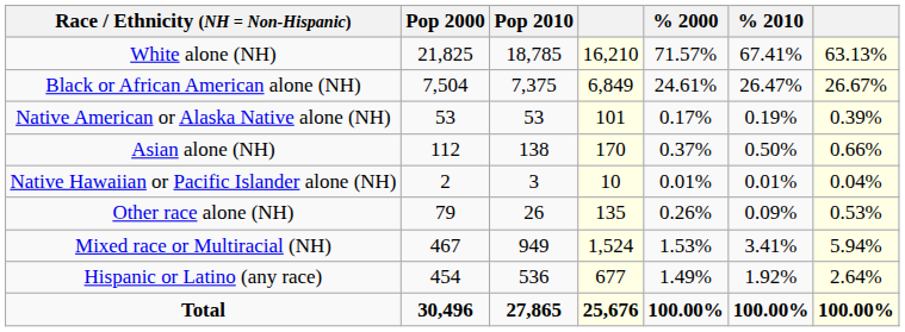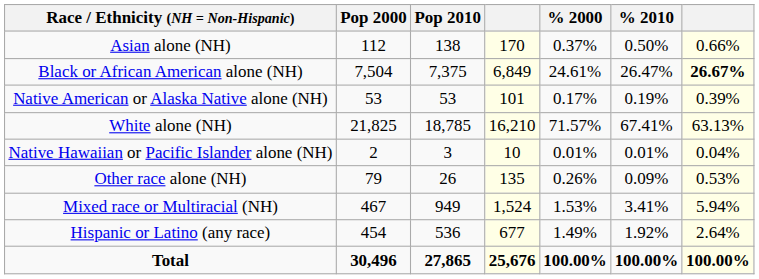 <table class="wikitable" style="text-align:center;">
 <tr>
 <th>Race / Ethnicity <small>(<em>NH = Non-Hispanic</em>)</small></th>
 <th>Pop 2000</th>
 <th>Pop 2010</th>
 <th></th>
 <th>% 2000</th>
 <th>% 2010</th>
 <th></th>
 </tr>
 <tr>
-<td><a href='#'>White</a> alone (NH)</td>
-<td>21,825</td>
-<td>18,785</td>
-<td style='background: #ffffe6;'>16,210</td>
-<td>71.57%</td>
-<td>67.41%</td>
-<td style='background: #ffffe6;'>63.13%</td>
+<td><a href='#'>Asian</a> alone (NH)</td>
+<td>112</td>
+<td>138</td>
+<td style='background: #ffffe6;'>170</td>
+<td>0.37%</td>
+<td>0.50%</td>
+<td style='background: #ffffe6;'>0.66%</td>
 </tr>
 <tr>
 <td><a href='#'>Black or African American</a> alone (NH)</td>
 <td>7,504</td>
 <td>7,375</td>
 <td style='background: #ffffe6;'>6,849</td>
 <td>24.61%</td>
 <td>26.47%</td>
-<td style='background: #ffffe6;'>26.67%</td>
+<td style='background: #ffffe6;'><strong>26.67%</strong></td>
 </tr>
 <tr>
 <td><a href='#'>Native American</a> or <a href='#'>Alaska Native</a> alone (NH)</td>
 <td>53</td>
 <td>53</td>
 <td style='background: #ffffe6;'>101</td>
 <td>0.17%</td>
 <td>0.19%</td>
 <td style='background: #ffffe6;'>0.39%</td>
 </tr>
 <tr>
-<td><a href='#'>Asian</a> alone (NH)</td>
-<td>112</td>
-<td>138</td>
-<td style='background: #ffffe6;'>170</td>
-<td>0.37%</td>
-<td>0.50%</td>
-<td style='background: #ffffe6;'>0.66%</td>
+<td><a href='#'>White</a> alone (NH)</td>
+<td>21,825</td>
+<td>18,785</td>
+<td style='background: #ffffe6;'>16,210</td>
+<td>71.57%</td>
+<td>67.41%</td>
+<td style='background: #ffffe6;'>63.13%</td>
 </tr>
 <tr>
 <td><a href='#'>Native Hawaiian</a> or <a href='#'>Pacific Islander</a> alone (NH)</td>
 <td>2</td>
 <td>3</td>
 <td style='background: #ffffe6;'>10</td>
 <td>0.01%</td>
 <td>0.01%</td>
 <td style='background: #ffffe6;'>0.04%</td>
 </tr>
 <tr>
 <td><a href='#'>Other race</a> alone (NH)</td>
 <td>79</td>
 <td>26</td>
 <td style='background: #ffffe6;'>135</td>
 <td>0.26%</td>
 <td>0.09%</td>
 <td style='background: #ffffe6;'>0.53%</td>
 </tr>
 <tr>
 <td><a href='#'>Mixed race or Multiracial</a> (NH)</td>
 <td>467</td>
 <td>949</td>
 <td style='background: #ffffe6;'>1,524</td>
 <td>1.53%</td>
 <td>3.41%</td>
 <td style='background: #ffffe6;'>5.94%</td>
 </tr>
 <tr>
 <td><a href='#'>Hispanic or Latino</a> (any race)</td>
 <td>454</td>
 <td>536</td>
 <td style='background: #ffffe6;'>677</td>
 <td>1.49%</td>
 <td>1.92%</td>
 <td style='background: #ffffe6;'>2.64%</td>
 </tr>
 <tr>
 <td><strong>Total</strong></td>
 <td><strong>30,496</strong></td>
 <td><strong>27,865</strong></td>
 <td style='background: #ffffe6;'><strong>25,676</strong></td>
 <td><strong>100.00%</strong></td>
 <td><strong>100.00%</strong></td>
 <td style='background: #ffffe6;'><strong>100.00%</strong></td>
 </tr>
 </table>
